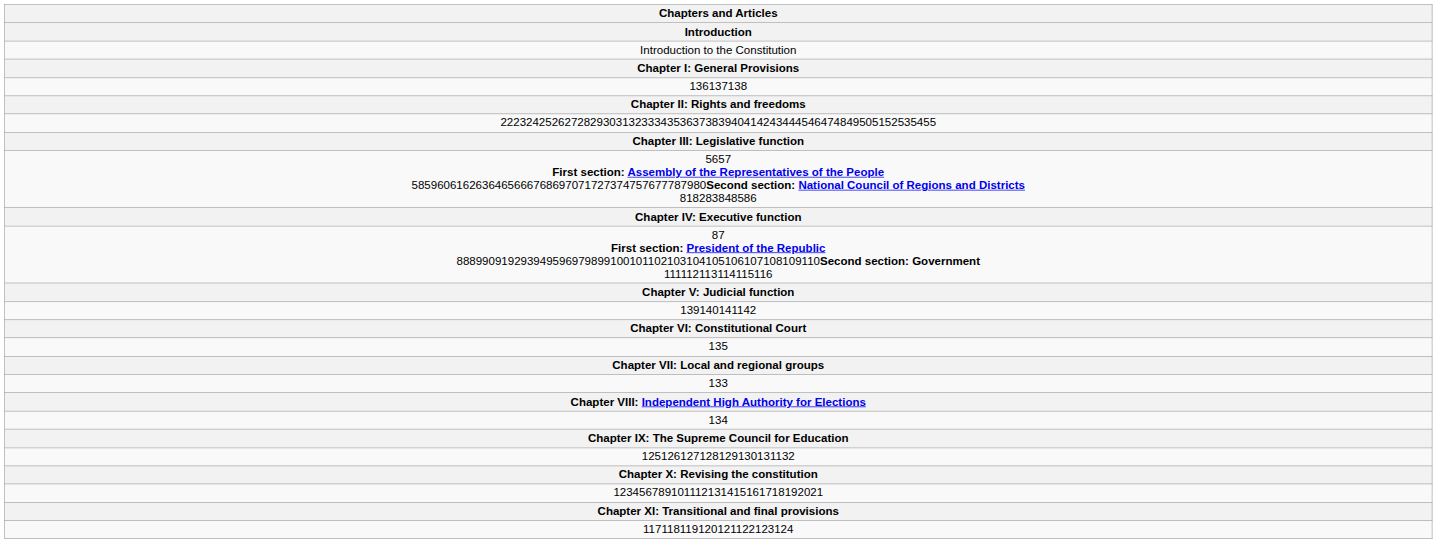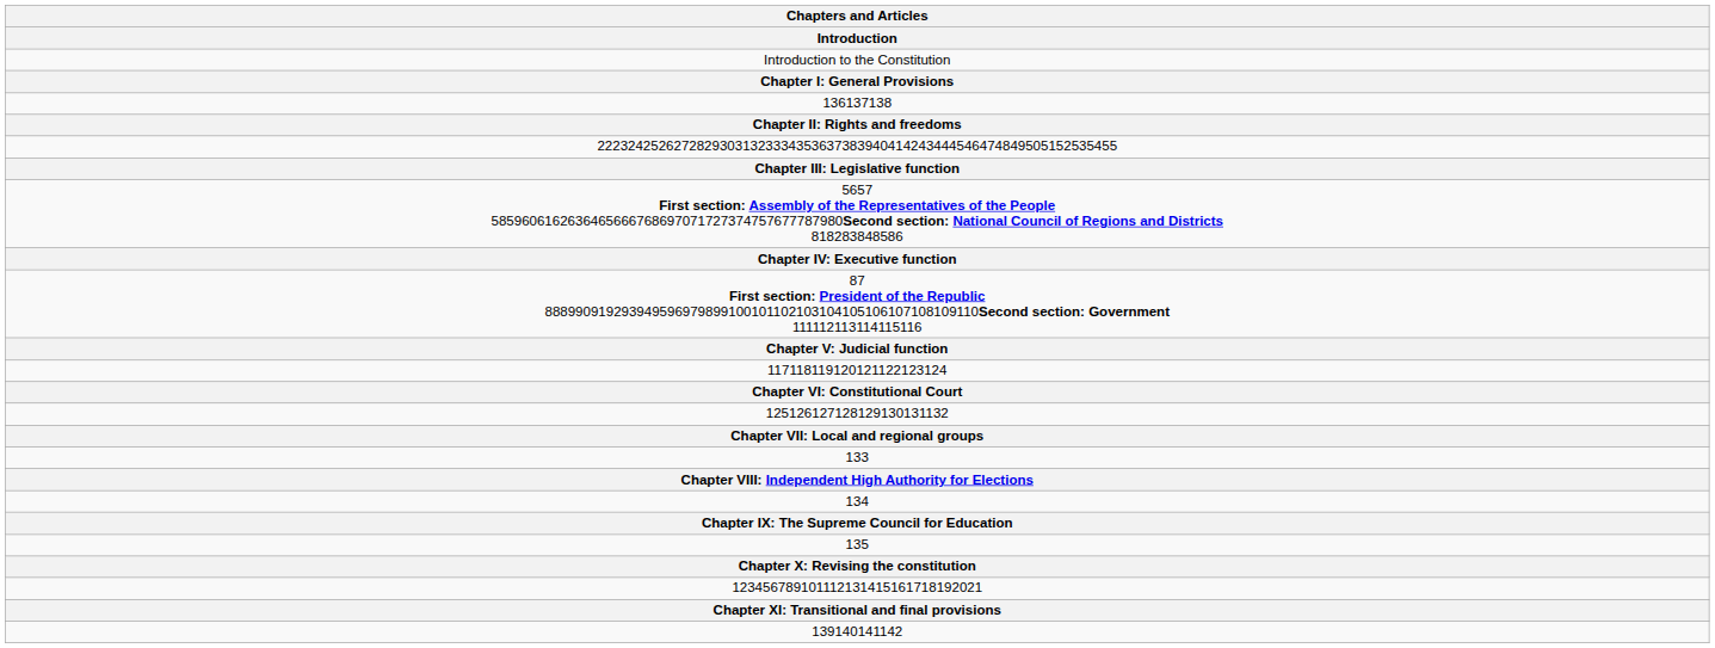 <table class="wikitable" width="100%" style="text-align:center;">
 <tr>
 <th>Chapters and Articles</th>
 </tr>
 <tr>
 <th>Introduction</th>
 </tr>
 <tr>
 <td>Introduction to the Constitution</td>
 </tr>
 <tr>
 <th>Chapter I: General Provisions</th>
 </tr>
 <tr>
 <td>136137138</td>
 </tr>
 <tr>
 <th>Chapter II: Rights and freedoms</th>
 </tr>
 <tr>
 <td>22232425262728293031323334353637383940414243444546474849505152535455</td>
 </tr>
 <tr>
 <th>Chapter III: Legislative function</th>
 </tr>
 <tr>
 <td>5657<br><strong>First section: <a href='#'>Assembly of the Representatives of the People</a></strong><br>5859606162636465666768697071727374757677787980<strong>Second section: <a href='#'>National Council of Regions and Districts</a></strong><br>818283848586</td>
 </tr>
 <tr>
 <th>Chapter IV: Executive function</th>
 </tr>
 <tr>
 <td>87<br><strong>First section: <a href='#'>President of the Republic</a></strong><br>888990919293949596979899100101102103104105106107108109110<strong>Second section: Government</strong><br>111112113114115116</td>
 </tr>
 <tr>
 <th>Chapter V: Judicial function</th>
 </tr>
 <tr>
-<td>139140141142</td>
+<td>117118119120121122123124</td>
 </tr>
 <tr>
 <th>Chapter VI: Constitutional Court</th>
 </tr>
 <tr>
-<td>135</td>
+<td>125126127128129130131132</td>
 </tr>
 <tr>
 <th>Chapter VII: Local and regional groups</th>
 </tr>
 <tr>
 <td>133</td>
 </tr>
 <tr>
 <th>Chapter VIII: <a href='#'>Independent High Authority for Elections</a></th>
 </tr>
 <tr>
 <td>134</td>
 </tr>
 <tr>
 <th>Chapter IX: The Supreme Council for Education</th>
 </tr>
 <tr>
-<td>125126127128129130131132</td>
+<td>135</td>
 </tr>
 <tr>
 <th>Chapter X: Revising the constitution</th>
 </tr>
 <tr>
 <td>123456789101112131415161718192021</td>
 </tr>
 <tr>
 <th>Chapter XI: Transitional and final provisions</th>
 </tr>
 <tr>
-<td>117118119120121122123124</td>
+<td>139140141142</td>
 </tr>
 </table>
